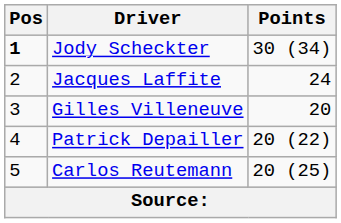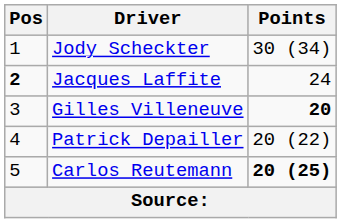 <table class="wikitable" style="font-size: 95%;">
 <tr>
 <th>Pos</th>
 <th>Driver</th>
 <th>Points</th>
 </tr>
 <tr>
-<td><strong>1</strong></td>
+<td>1</td>
 <td> <a href='#'>Jody Scheckter</a></td>
 <td align="right">30 (34)</td>
 </tr>
 <tr>
-<td>2</td>
+<td><strong>2</strong></td>
 <td> <a href='#'>Jacques Laffite</a></td>
 <td align="right">24</td>
 </tr>
 <tr>
 <td>3</td>
 <td> <a href='#'>Gilles Villeneuve</a></td>
-<td align="right">20</td>
+<td align="right"><strong>20</strong></td>
 </tr>
 <tr>
 <td>4</td>
 <td> <a href='#'>Patrick Depailler</a></td>
 <td align="right">20 (22)</td>
 </tr>
 <tr>
 <td>5</td>
 <td> <a href='#'>Carlos Reutemann</a></td>
-<td align="right">20 (25)</td>
+<td align="right"><strong>20 (25)</strong></td>
 </tr>
 <tr>
 <th colspan=4>Source: </th>
 </tr>
 </table>
